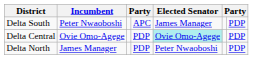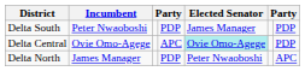 <table class="sortable wikitable" style="font-size:95%;line-height:14px;">
 <tr>
 <th class="unsortable">District</th>
 <th class="unsortable"><a href='#'>Incumbent</a></th>
 <th colspan="2">Party</th>
 <th class="unsortable">Elected Senator</th>
 <th colspan="2">Party</th>
 </tr>
 <tr>
 <td>Delta South</td>
 <td><a href='#'>Peter Nwaoboshi</a></td>
 <td style="background:"></td>
-<td><a href='#'>APC</a></td>
+<td><a href='#'>PDP</a></td>
 <td><a href='#'>James Manager</a></td>
 <td style="background:"></td>
 <td><a href='#'>PDP</a></td>
 </tr>
 <tr>
 <td>Delta Central</td>
 <td><a href='#'>Ovie Omo-Agege</a></td>
 <td style="background:"></td>
-<td><a href='#'>PDP</a></td>
+<td><a href='#'>APC</a></td>
 <td style="background: paleturquoise;"><a href='#'>Ovie Omo-Agege</a></td>
 <td style="background:"></td>
 <td><a href='#'>PDP</a></td>
 </tr>
 <tr>
 <td>Delta North</td>
 <td><a href='#'>James Manager</a></td>
 <td style="background:"></td>
 <td><a href='#'>PDP</a></td>
 <td><a href='#'>Peter Nwaoboshi</a></td>
 <td style="background:"></td>
-<td><a href='#'>PDP</a></td>
+<td><a href='#'>APC</a></td>
 </tr>
 </table>
